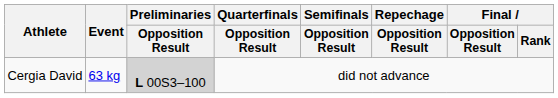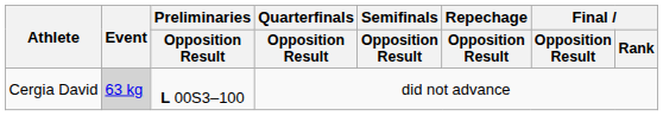 <table class="wikitable" style="font-size:90%">
 <tr>
 <th rowspan=2>Athlete</th>
 <th rowspan=2>Event</th>
 <th>Preliminaries</th>
 <th>Quarterfinals</th>
 <th>Semifinals</th>
 <th>Repechage</th>
 <th colspan=2>Final / </th>
 </tr>
 <tr style="font-size:95%">
 <th>Opposition<br>Result</th>
 <th>Opposition<br>Result</th>
 <th>Opposition<br>Result</th>
 <th>Opposition<br>Result</th>
 <th>Opposition<br>Result</th>
 <th>Rank</th>
 </tr>
 <tr align=center>
 <td align=left>Cergia David</td>
-<td align=left><a href='#'>63 kg</a></td>
-<td style="background: lightgrey;"><br><strong>L</strong> 00S3–100</td>
+<td align=left style="background: lightgrey;"><a href='#'>63 kg</a></td>
+<td><br><strong>L</strong> 00S3–100</td>
 <td colspan=5>did not advance</td>
 </tr>
 </table>
